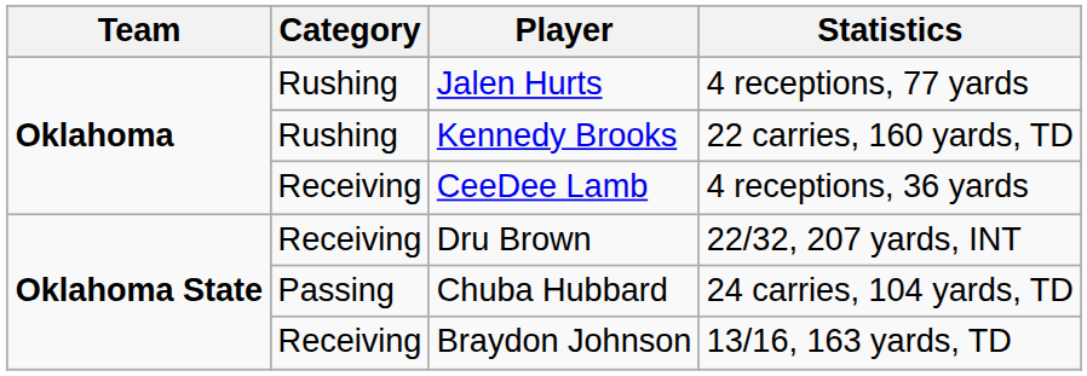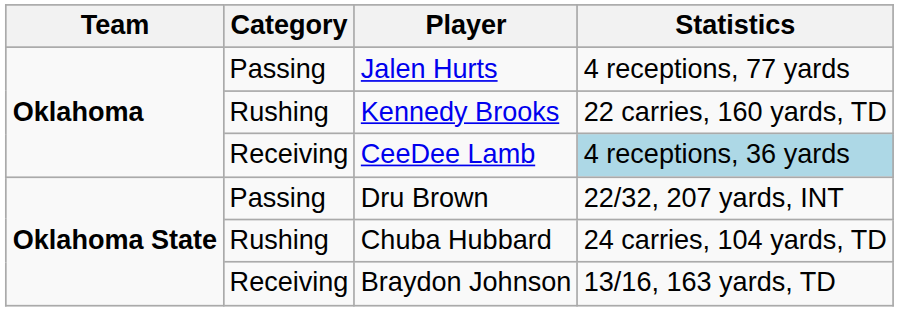 <table class="wikitable" style="float: right;">
 <tr>
 <th>Team</th>
 <th>Category</th>
 <th>Player</th>
 <th>Statistics</th>
 </tr>
 <tr>
 <td rowspan=3><strong>Oklahoma</strong></td>
-<td>Rushing</td>
+<td>Passing</td>
 <td><a href='#'>Jalen Hurts</a></td>
 <td>4 receptions, 77 yards</td>
 </tr>
 <tr>
 <td>Rushing</td>
 <td><a href='#'>Kennedy Brooks</a></td>
 <td>22 carries, 160 yards, TD</td>
 </tr>
 <tr>
 <td>Receiving</td>
 <td><a href='#'>CeeDee Lamb</a></td>
-<td>4 receptions, 36 yards</td>
+<td style="background: lightblue;">4 receptions, 36 yards</td>
 </tr>
 <tr>
 <td rowspan=3><strong>Oklahoma State</strong></td>
-<td>Receiving</td>
+<td>Passing</td>
 <td>Dru Brown</td>
 <td>22/32, 207 yards, INT</td>
 </tr>
 <tr>
-<td>Passing</td>
+<td>Rushing</td>
 <td>Chuba Hubbard</td>
 <td>24 carries, 104 yards, TD</td>
 </tr>
 <tr>
 <td>Receiving</td>
 <td>Braydon Johnson</td>
 <td>13/16, 163 yards, TD</td>
 </tr>
 </table>
